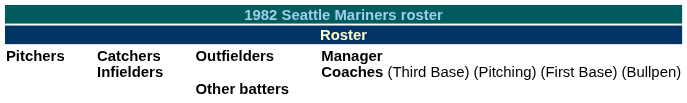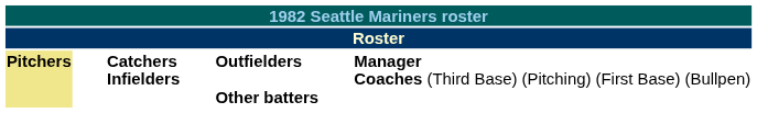 <table class="toccolours" style="font-size: 95%;">
 <tr>
 <th colspan="10" style="background-color: #005c5c; color: #9ECEEE; text-align: center;">1982 Seattle Mariners roster</th>
 </tr>
 <tr>
 <td colspan="10" style="background-color: #003366; color: #FFFDD0; text-align: center;"><strong>Roster</strong></td>
 </tr>
 <tr>
-<td valign="top"><strong>Pitchers</strong><br>              </td>
+<td valign="top" style="background: khaki;"><strong>Pitchers</strong><br>              </td>
 <td width="25px"></td>
 <td valign="top"><strong>Catchers</strong><br>     <strong>Infielders</strong>          </td>
 <td width="25px"></td>
 <td valign="top"><strong>Outfielders</strong><br>      <br> <strong>Other batters</strong>  </td>
 <td width="25px"></td>
 <td valign="top"><strong>Manager</strong><br> <strong>Coaches</strong>  (Third Base)  (Pitching)  (First Base)  (Bullpen)</td>
 </tr>
 </table>
